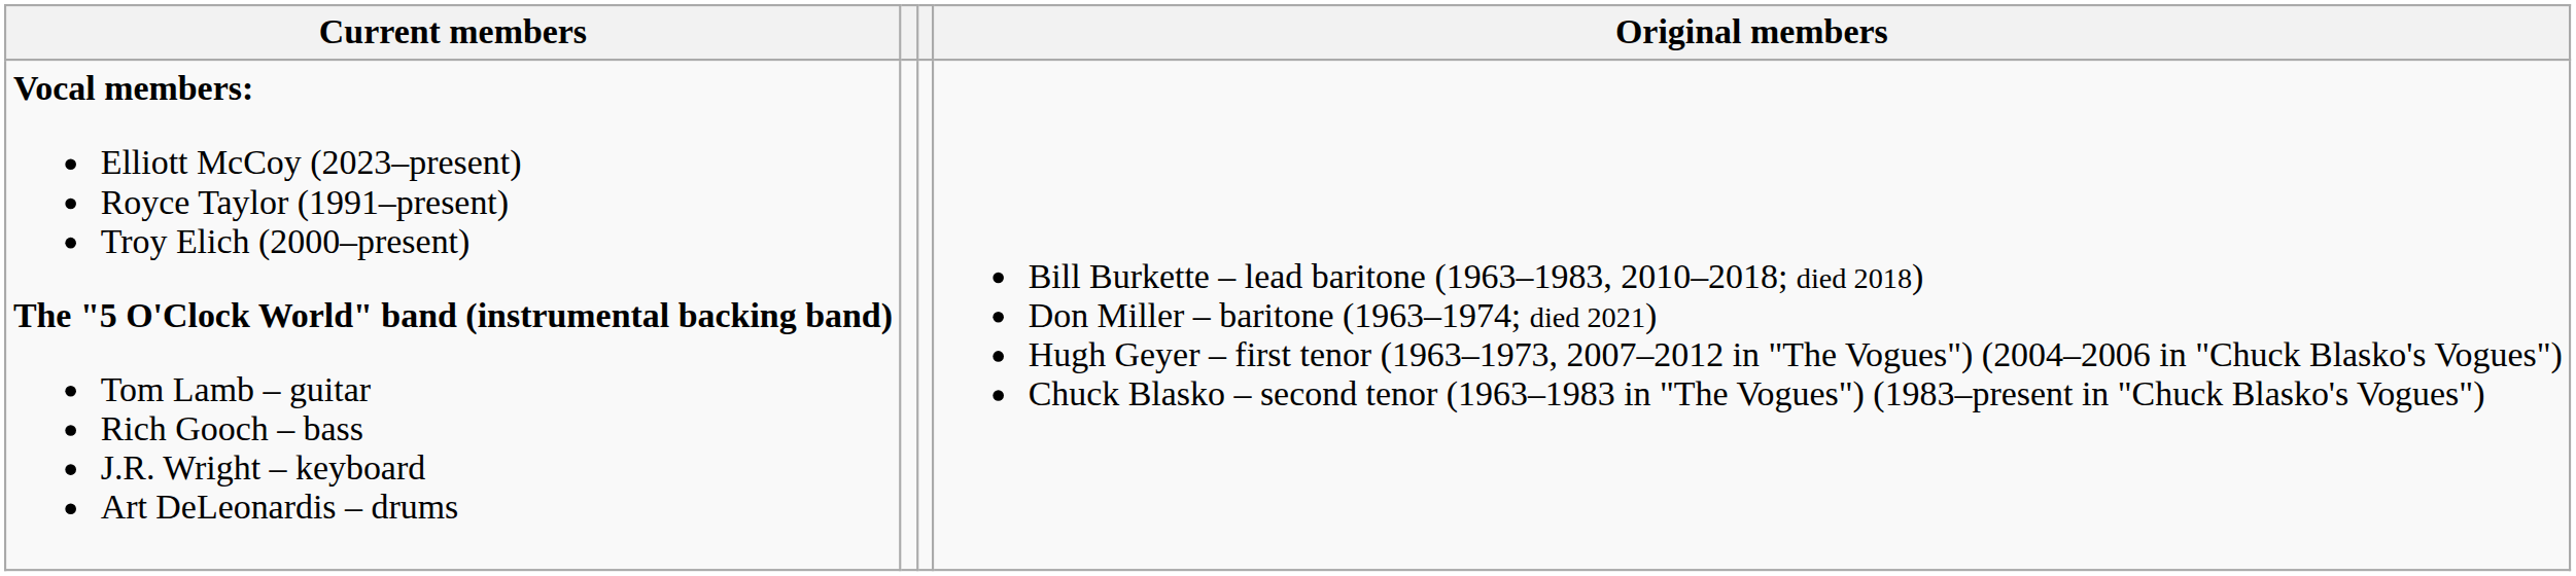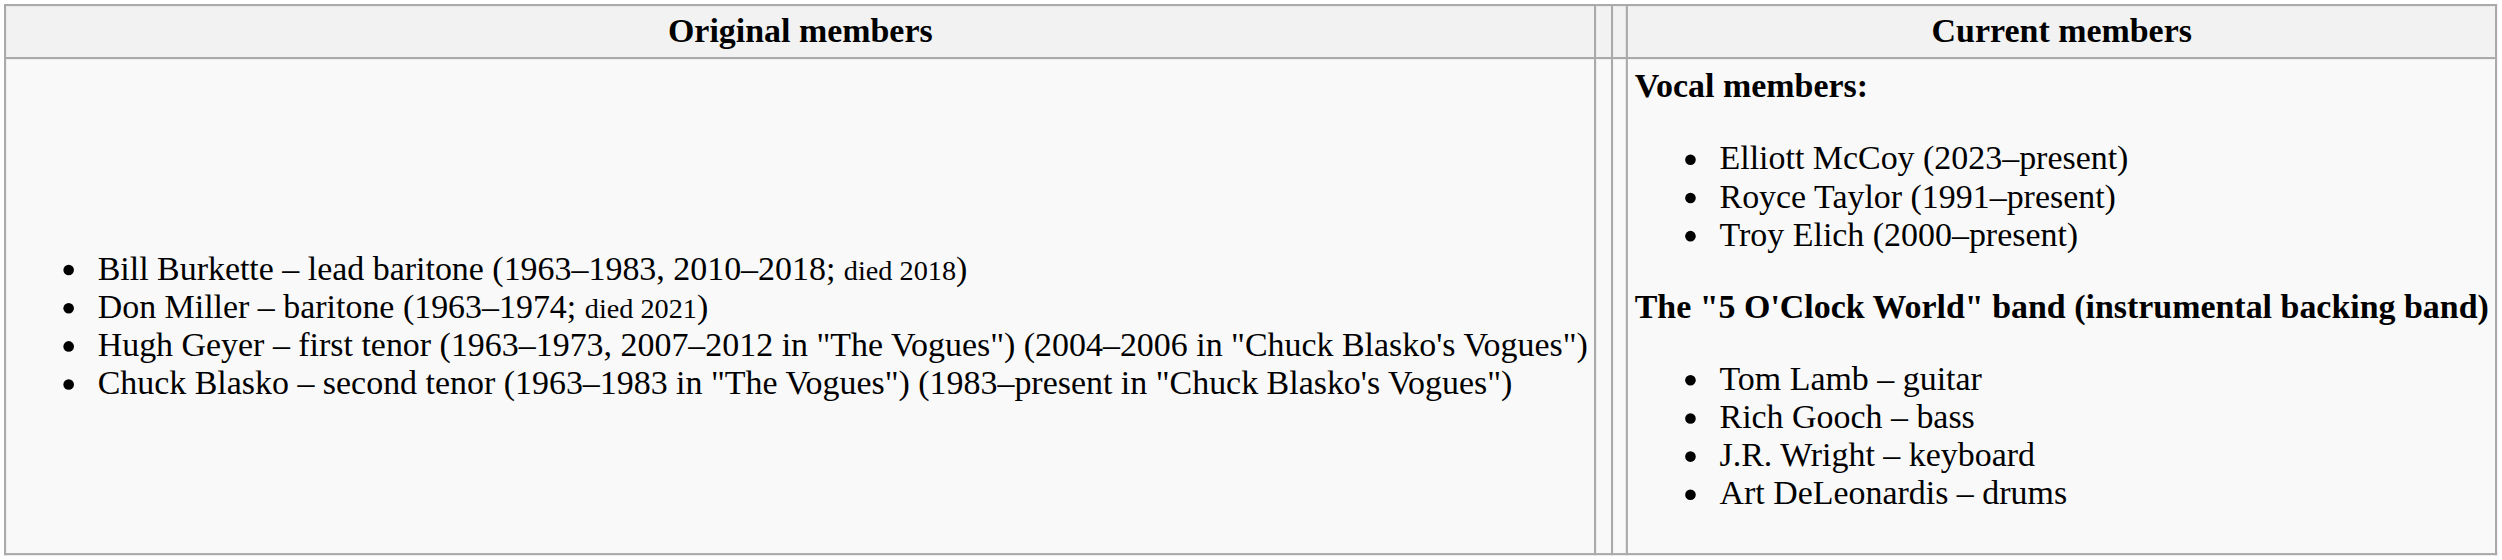 <table class="wikitable">
 <tr>
-<th>Current members</th>
+<th>Original members</th>
 <th></th>
 <th></th>
-<th>Original members</th>
+<th>Current members</th>
 </tr>
 <tr>
-<td><strong>Vocal members:</strong><br><ul><li>Elliott McCoy (2023–present)</li><li>Royce Taylor (1991–present)</li><li>Troy Elich (2000–present)</li></ul><strong>The "5 O'Clock World" band (instrumental backing band)</strong><ul><li>Tom Lamb – guitar</li><li>Rich Gooch – bass</li><li>J.R. Wright – keyboard</li><li>Art DeLeonardis – drums</li></ul></td>
+<td><br><ul><li>Bill Burkette – lead baritone (1963–1983, 2010–2018; <small>died 2018</small>)</li><li>Don Miller – baritone (1963–1974; <small>died 2021</small>)</li><li>Hugh Geyer – first tenor (1963–1973, 2007–2012 in "The Vogues") (2004–2006 in "Chuck Blasko's Vogues")</li><li>Chuck Blasko – second tenor (1963–1983 in "The Vogues") (1983–present in "Chuck Blasko's Vogues")</li></ul></td>
 <td></td>
 <td></td>
-<td><br><ul><li>Bill Burkette – lead baritone (1963–1983, 2010–2018; <small>died 2018</small>)</li><li>Don Miller – baritone (1963–1974; <small>died 2021</small>)</li><li>Hugh Geyer – first tenor (1963–1973, 2007–2012 in "The Vogues") (2004–2006 in "Chuck Blasko's Vogues")</li><li>Chuck Blasko – second tenor (1963–1983 in "The Vogues") (1983–present in "Chuck Blasko's Vogues")</li></ul></td>
+<td><strong>Vocal members:</strong><br><ul><li>Elliott McCoy (2023–present)</li><li>Royce Taylor (1991–present)</li><li>Troy Elich (2000–present)</li></ul><strong>The "5 O'Clock World" band (instrumental backing band)</strong><ul><li>Tom Lamb – guitar</li><li>Rich Gooch – bass</li><li>J.R. Wright – keyboard</li><li>Art DeLeonardis – drums</li></ul></td>
 </tr>
 </table>
